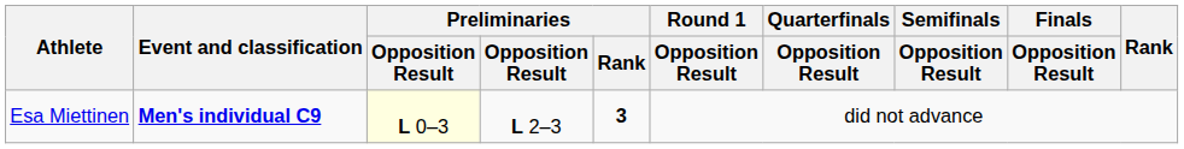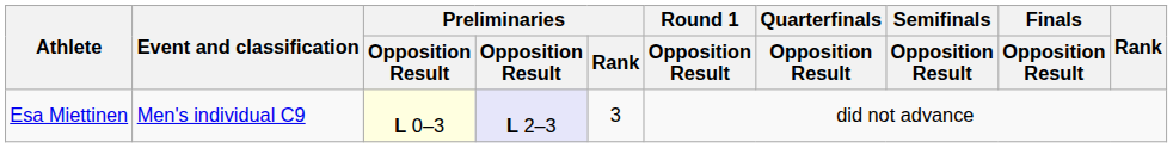 <table class="wikitable">
 <tr>
 <th rowspan="2">Athlete</th>
 <th rowspan="2">Event and classification</th>
 <th colspan=3>Preliminaries</th>
 <th>Round 1</th>
 <th>Quarterfinals</th>
 <th>Semifinals</th>
 <th>Finals</th>
 <th rowspan=2>Rank</th>
 </tr>
 <tr>
 <th>Opposition<br>Result</th>
 <th>Opposition<br>Result</th>
 <th>Rank</th>
 <th>Opposition<br>Result</th>
 <th>Opposition<br>Result</th>
 <th>Opposition<br>Result</th>
 <th>Opposition<br>Result</th>
 </tr>
 <tr>
 <td><a href='#'>Esa Miettinen</a></td>
-<td><strong><a href='#'>Men's individual C9</a></strong></td>
+<td><a href='#'>Men's individual C9</a></td>
 <td align=center style="background: lightyellow;"><br><strong>L</strong> 0–3</td>
-<td align=center><br><strong>L</strong> 2–3</td>
-<td align=center><strong>3</strong></td>
+<td align=center style="background: lavender;"><br><strong>L</strong> 2–3</td>
+<td align=center>3</td>
 <td align=center colspan=5>did not advance</td>
 </tr>
 </table>
